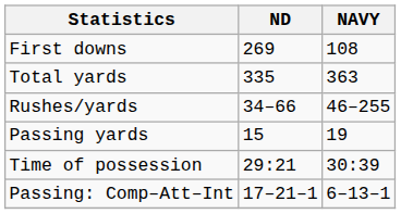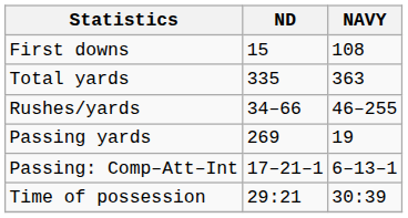 <table class="wikitable" style="float: left;">
 <tr>
 <th>Statistics</th>
 <th>ND</th>
 <th>NAVY</th>
 </tr>
 <tr>
 <td>First downs</td>
-<td>269</td>
+<td>15</td>
 <td>108</td>
 </tr>
 <tr>
 <td>Total yards</td>
 <td>335</td>
 <td>363</td>
 </tr>
 <tr>
 <td>Rushes/yards</td>
 <td>34–66</td>
 <td>46–255</td>
 </tr>
 <tr>
 <td>Passing yards</td>
-<td>15</td>
+<td>269</td>
 <td>19</td>
+</tr>
+<tr>
+<td>Passing: Comp–Att–Int</td>
+<td>17–21–1</td>
+<td>6–13–1</td>
 </tr>
 <tr>
 <td>Time of possession</td>
 <td>29:21</td>
 <td>30:39</td>
 </tr>
 <tr>
-<td>Passing: Comp–Att–Int</td>
-<td>17–21–1</td>
-<td>6–13–1</td>
-</tr>
-<tr>
 </tr>
 </table>
